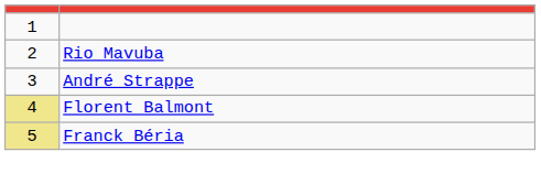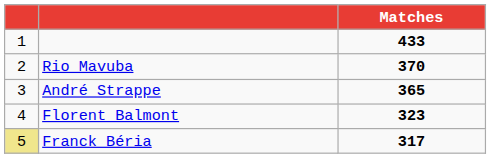 <table class="wikitable" style="text-align: center; width:26%">
 <tr>
 <th style="background:#E83C34; color:#FFFFFF; "></th>
 <th style="background:#E83C34; color:#FFFFFF; "></th>
+<th style="background:#E83C34; color:#FFFFFF; ">Matches</th>
 </tr>
 <tr>
 <td>1</td>
 <td align=left></td>
+<td><strong>433</strong></td>
 </tr>
 <tr>
 <td>2</td>
 <td align=left> <a href='#'>Rio Mavuba</a></td>
+<td><strong>370</strong></td>
 </tr>
 <tr>
 <td>3</td>
 <td align=left> <a href='#'>André Strappe</a></td>
+<td><strong>365</strong></td>
 </tr>
 <tr>
-<td style="background: khaki;">4</td>
+<td>4</td>
 <td align=left> <a href='#'>Florent Balmont</a></td>
+<td><strong>323</strong></td>
 </tr>
 <tr>
 <td style="background: khaki;">5</td>
 <td align=left> <a href='#'>Franck Béria</a></td>
+<td><strong>317</strong></td>
 </tr>
 </table>
